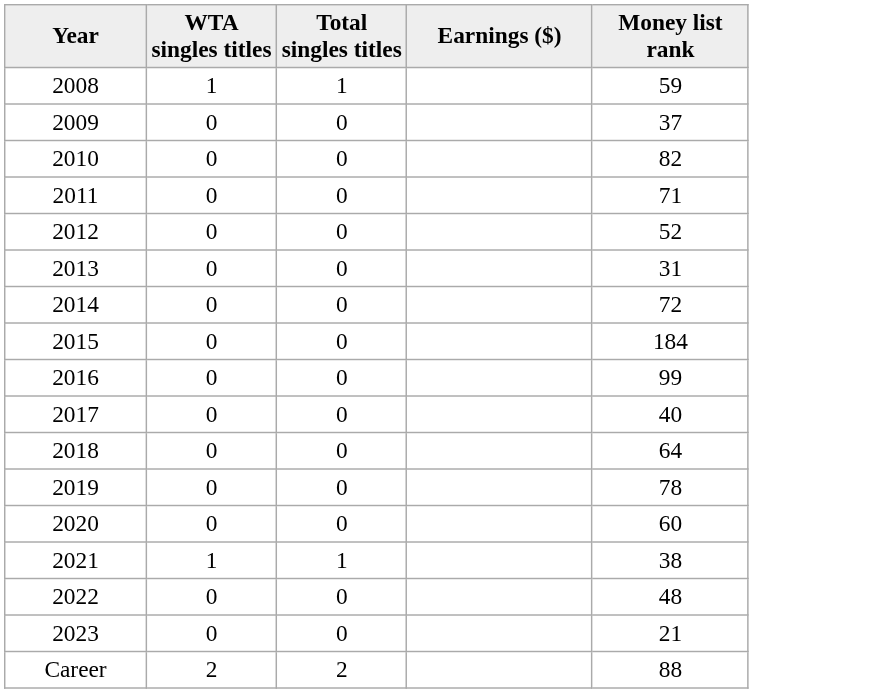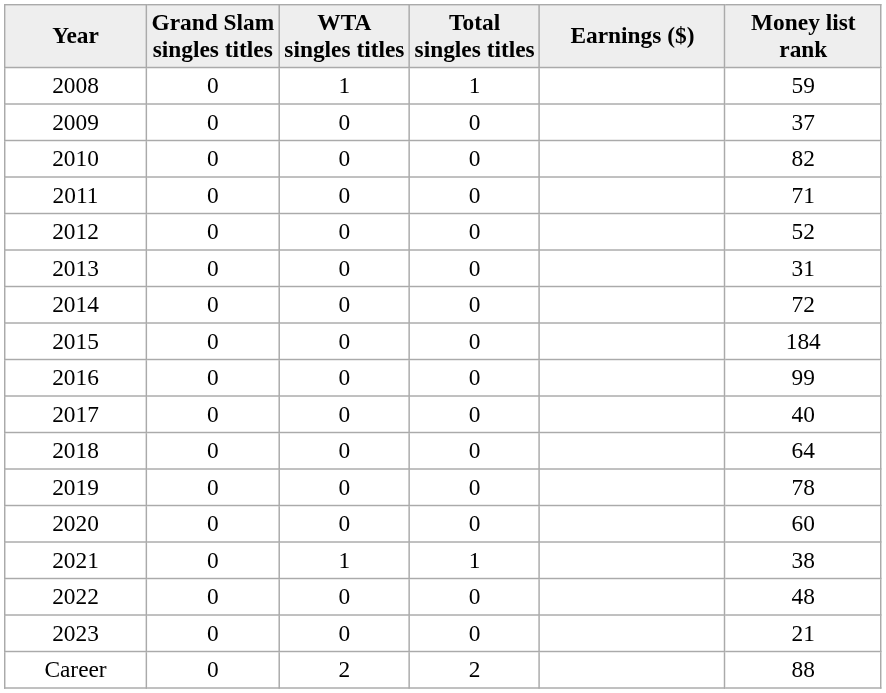 <table cellpadding=3 cellspacing=0 border=1 style=border:#aaa;solid:1px;border-collapse:collapse;text-align:center>
 <tr style=background:#eee>
 <td width=90><strong>Year</strong></td>
+<td><strong>Grand Slam<br>singles titles</strong></td>
 <td><strong>WTA <br>singles titles</strong></td>
 <td><strong>Total<br>singles titles</strong></td>
 <td width=120><strong>Earnings ($)</strong></td>
 <td width=100><strong>Money list rank</strong></td>
 </tr>
 <tr>
 <td>2008</td>
+<td>0</td>
 <td>1</td>
 <td>1</td>
 <td align=right></td>
 <td>59</td>
 </tr>
 <tr>
 <td>2009</td>
 <td>0</td>
 <td>0</td>
+<td>0</td>
 <td align=right></td>
 <td>37</td>
 </tr>
 <tr>
 <td>2010</td>
+<td>0</td>
 <td>0</td>
 <td>0</td>
 <td align=right></td>
 <td>82</td>
 </tr>
 <tr>
 <td>2011</td>
 <td>0</td>
 <td>0</td>
+<td>0</td>
 <td align=right></td>
 <td>71</td>
 </tr>
 <tr>
 <td>2012</td>
+<td>0</td>
 <td>0</td>
 <td>0</td>
 <td align=right></td>
 <td>52</td>
 </tr>
 <tr>
 <td>2013</td>
 <td>0</td>
 <td>0</td>
+<td>0</td>
 <td align=right></td>
 <td>31</td>
 </tr>
 <tr>
 <td>2014</td>
+<td>0</td>
 <td>0</td>
 <td>0</td>
 <td align=right></td>
 <td>72</td>
 </tr>
 <tr>
 <td>2015</td>
 <td>0</td>
 <td>0</td>
+<td>0</td>
 <td align=right></td>
 <td>184</td>
 </tr>
 <tr>
 <td>2016</td>
+<td>0</td>
 <td>0</td>
 <td>0</td>
 <td align=right></td>
 <td>99</td>
 </tr>
 <tr>
 <td>2017</td>
 <td>0</td>
 <td>0</td>
+<td>0</td>
 <td align=right></td>
 <td>40</td>
 </tr>
 <tr>
 <td>2018</td>
+<td>0</td>
 <td>0</td>
 <td>0</td>
 <td align=right></td>
 <td>64</td>
 </tr>
 <tr>
 <td>2019</td>
 <td>0</td>
 <td>0</td>
+<td>0</td>
 <td align=right></td>
 <td>78</td>
 </tr>
 <tr>
 <td>2020</td>
 <td>0</td>
 <td>0</td>
+<td>0</td>
 <td align=right></td>
 <td>60</td>
 </tr>
 <tr>
 <td>2021</td>
+<td>0</td>
 <td>1</td>
 <td>1</td>
 <td align=right></td>
 <td>38</td>
 </tr>
 <tr>
 <td>2022</td>
 <td>0</td>
 <td>0</td>
+<td>0</td>
 <td align="right"></td>
 <td>48</td>
 </tr>
 <tr>
 <td>2023</td>
 <td>0</td>
 <td>0</td>
+<td>0</td>
 <td align="right"></td>
 <td>21</td>
 </tr>
 <tr>
 <td>Career</td>
+<td>0</td>
 <td>2</td>
 <td>2</td>
 <td align="right"></td>
 <td>88</td>
 </tr>
 </table>
